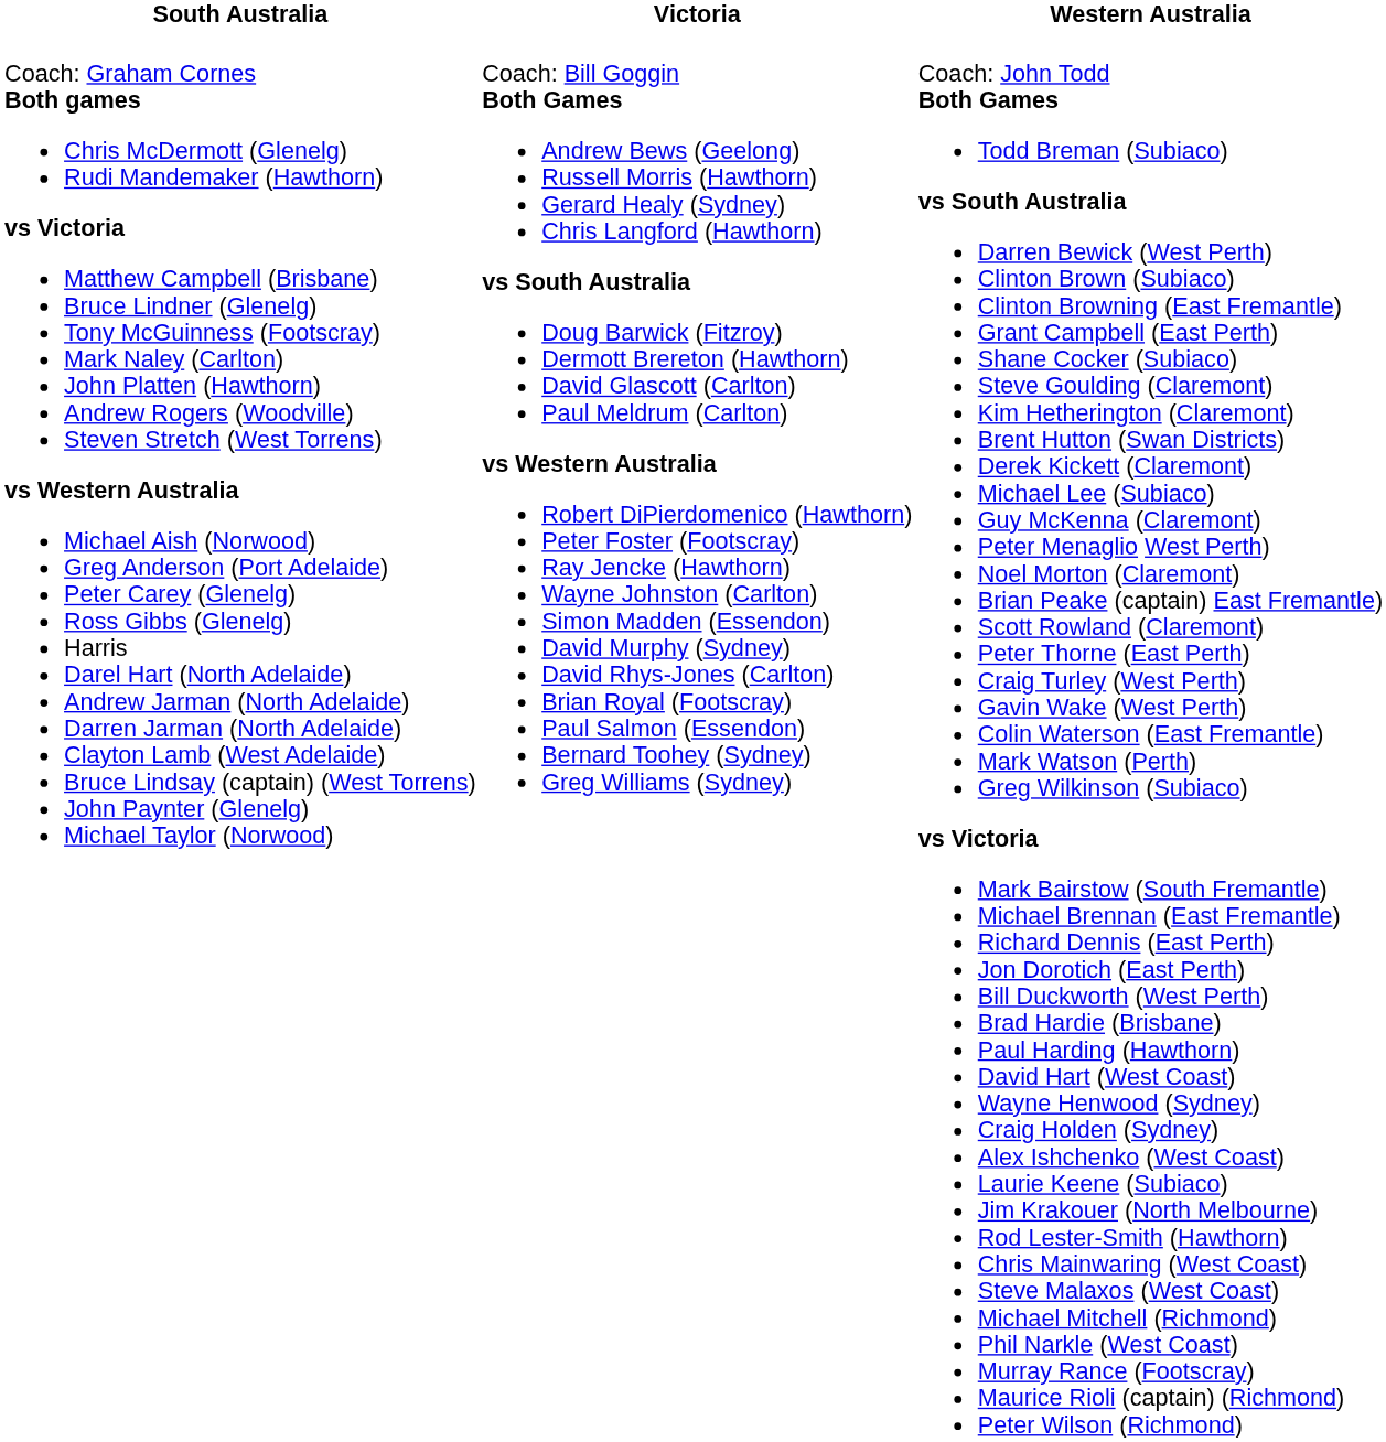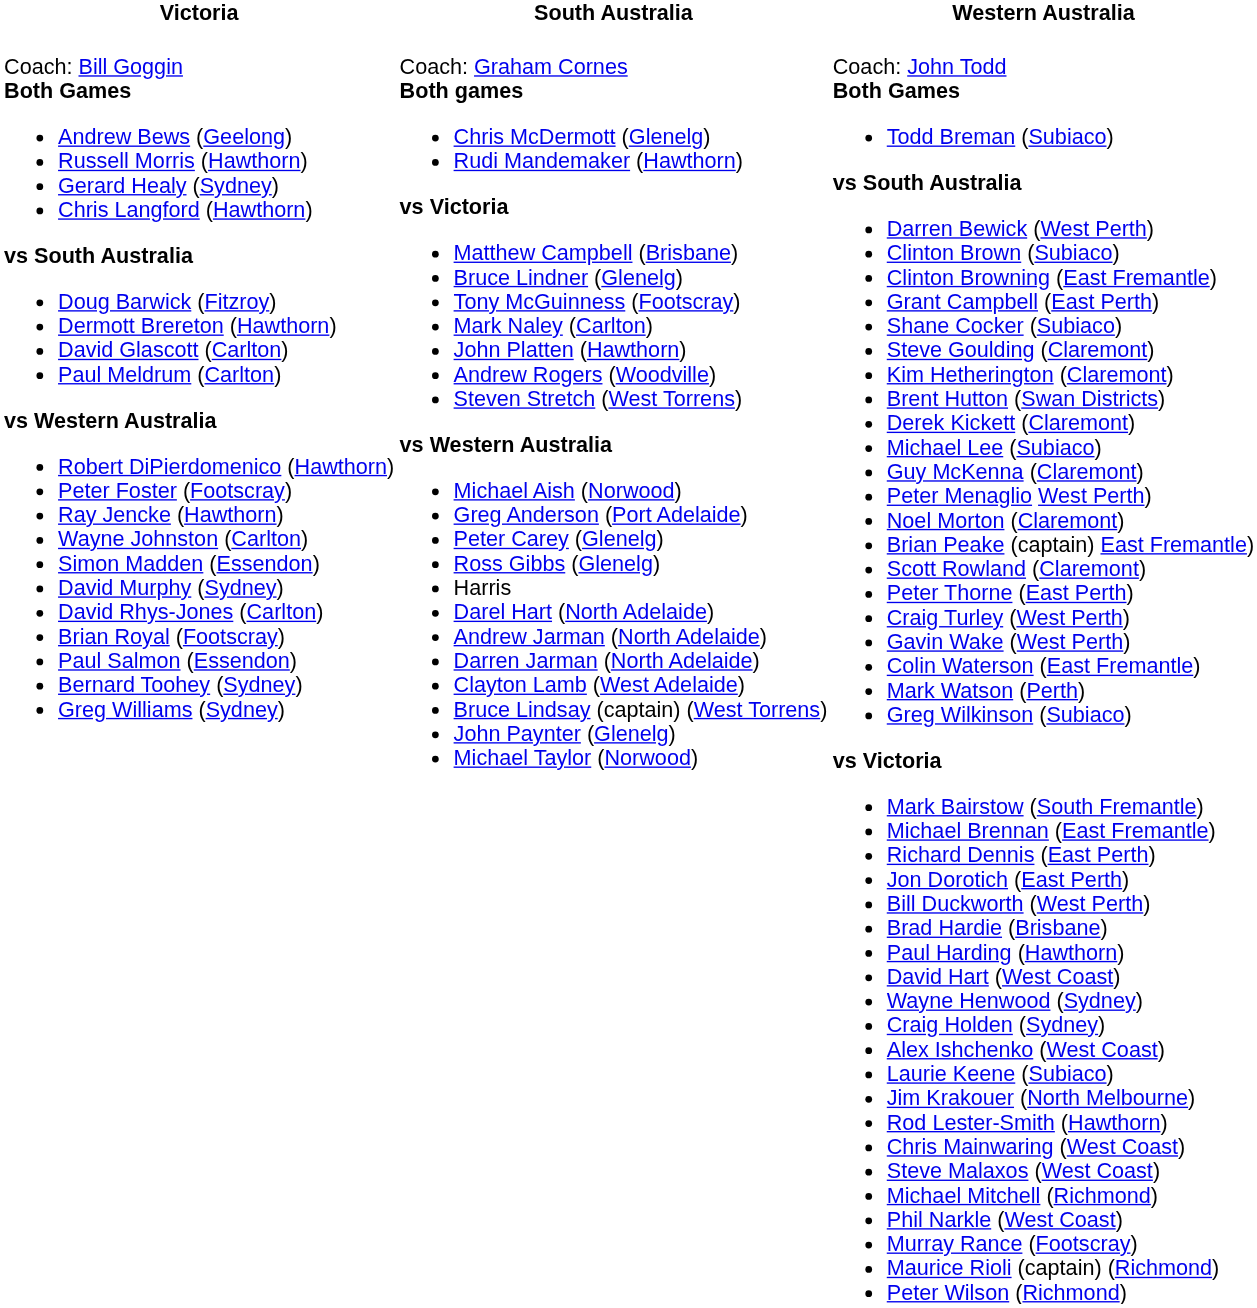 <table>
 <tr>
+<th><span>Victoria </span></th>
 <th><span>South Australia </span></th>
-<th><span>Victoria </span></th>
 <th><span>Western Australia </span></th>
 </tr>
 <tr valign="top">
+<td><br>Coach: <a href='#'>Bill Goggin</a><br>  <strong>Both Games</strong><ul><li><a href='#'>Andrew Bews</a> (<a href='#'>Geelong</a>)</li><li><a href='#'>Russell Morris</a> (<a href='#'>Hawthorn</a>)</li><li><a href='#'>Gerard Healy</a> (<a href='#'>Sydney</a>)</li><li><a href='#'>Chris Langford</a> (<a href='#'>Hawthorn</a>)</li></ul><strong>vs South Australia</strong><ul><li><a href='#'>Doug Barwick</a> (<a href='#'>Fitzroy</a>)</li><li><a href='#'>Dermott Brereton</a> (<a href='#'>Hawthorn</a>)</li><li><a href='#'>David Glascott</a> (<a href='#'>Carlton</a>)</li><li><a href='#'>Paul Meldrum</a> (<a href='#'>Carlton</a>)</li></ul><strong>vs Western Australia</strong><ul><li><a href='#'>Robert DiPierdomenico</a> (<a href='#'>Hawthorn</a>)</li><li><a href='#'>Peter Foster</a> (<a href='#'>Footscray</a>)</li><li><a href='#'>Ray Jencke</a> (<a href='#'>Hawthorn</a>)</li><li><a href='#'>Wayne Johnston</a> (<a href='#'>Carlton</a>)</li><li><a href='#'>Simon Madden</a> (<a href='#'>Essendon</a>)</li><li><a href='#'>David Murphy</a> (<a href='#'>Sydney</a>)</li><li><a href='#'>David Rhys-Jones</a> (<a href='#'>Carlton</a>)</li><li><a href='#'>Brian Royal</a> (<a href='#'>Footscray</a>)</li><li><a href='#'>Paul Salmon</a> (<a href='#'>Essendon</a>)</li><li><a href='#'>Bernard Toohey</a> (<a href='#'>Sydney</a>)</li><li><a href='#'>Greg Williams</a> (<a href='#'>Sydney</a>)</li></ul></td>
 <td><br>Coach: <a href='#'>Graham Cornes</a><br>  <strong>Both games</strong><ul><li><a href='#'>Chris McDermott</a> (<a href='#'>Glenelg</a>)</li><li><a href='#'>Rudi Mandemaker</a> (<a href='#'>Hawthorn</a>)</li></ul><strong>vs Victoria</strong><ul><li><a href='#'>Matthew Campbell</a> (<a href='#'>Brisbane</a>)</li><li><a href='#'>Bruce Lindner</a> (<a href='#'>Glenelg</a>)</li><li><a href='#'>Tony McGuinness</a> (<a href='#'>Footscray</a>)</li><li><a href='#'>Mark Naley</a> (<a href='#'>Carlton</a>)</li><li><a href='#'>John Platten</a> (<a href='#'>Hawthorn</a>)</li><li><a href='#'>Andrew Rogers</a> (<a href='#'>Woodville</a>)</li><li><a href='#'>Steven Stretch</a> (<a href='#'>West Torrens</a>)</li></ul><strong>vs Western Australia</strong><ul><li><a href='#'>Michael Aish</a> (<a href='#'>Norwood</a>)</li><li><a href='#'>Greg Anderson</a> (<a href='#'>Port Adelaide</a>)</li><li><a href='#'>Peter Carey</a> (<a href='#'>Glenelg</a>)</li><li><a href='#'>Ross Gibbs</a> (<a href='#'>Glenelg</a>)</li><li>Harris</li><li><a href='#'>Darel Hart</a> (<a href='#'>North Adelaide</a>)</li><li><a href='#'>Andrew Jarman</a> (<a href='#'>North Adelaide</a>)</li><li><a href='#'>Darren Jarman</a> (<a href='#'>North Adelaide</a>)</li><li><a href='#'>Clayton Lamb</a> (<a href='#'>West Adelaide</a>)</li><li><a href='#'>Bruce Lindsay</a> (captain) (<a href='#'>West Torrens</a>)</li><li><a href='#'>John Paynter</a> (<a href='#'>Glenelg</a>)</li><li><a href='#'>Michael Taylor</a> (<a href='#'>Norwood</a>)</li></ul></td>
-<td><br>Coach: <a href='#'>Bill Goggin</a><br>  <strong>Both Games</strong><ul><li><a href='#'>Andrew Bews</a> (<a href='#'>Geelong</a>)</li><li><a href='#'>Russell Morris</a> (<a href='#'>Hawthorn</a>)</li><li><a href='#'>Gerard Healy</a> (<a href='#'>Sydney</a>)</li><li><a href='#'>Chris Langford</a> (<a href='#'>Hawthorn</a>)</li></ul><strong>vs South Australia</strong><ul><li><a href='#'>Doug Barwick</a> (<a href='#'>Fitzroy</a>)</li><li><a href='#'>Dermott Brereton</a> (<a href='#'>Hawthorn</a>)</li><li><a href='#'>David Glascott</a> (<a href='#'>Carlton</a>)</li><li><a href='#'>Paul Meldrum</a> (<a href='#'>Carlton</a>)</li></ul><strong>vs Western Australia</strong><ul><li><a href='#'>Robert DiPierdomenico</a> (<a href='#'>Hawthorn</a>)</li><li><a href='#'>Peter Foster</a> (<a href='#'>Footscray</a>)</li><li><a href='#'>Ray Jencke</a> (<a href='#'>Hawthorn</a>)</li><li><a href='#'>Wayne Johnston</a> (<a href='#'>Carlton</a>)</li><li><a href='#'>Simon Madden</a> (<a href='#'>Essendon</a>)</li><li><a href='#'>David Murphy</a> (<a href='#'>Sydney</a>)</li><li><a href='#'>David Rhys-Jones</a> (<a href='#'>Carlton</a>)</li><li><a href='#'>Brian Royal</a> (<a href='#'>Footscray</a>)</li><li><a href='#'>Paul Salmon</a> (<a href='#'>Essendon</a>)</li><li><a href='#'>Bernard Toohey</a> (<a href='#'>Sydney</a>)</li><li><a href='#'>Greg Williams</a> (<a href='#'>Sydney</a>)</li></ul></td>
 <td><br>Coach: <a href='#'>John Todd</a><br> <strong>Both Games</strong><ul><li><a href='#'>Todd Breman</a> (<a href='#'>Subiaco</a>)</li></ul><strong>vs South Australia</strong><ul><li><a href='#'>Darren Bewick</a> (<a href='#'>West Perth</a>)</li><li><a href='#'>Clinton Brown</a> (<a href='#'>Subiaco</a>)</li><li><a href='#'>Clinton Browning</a> (<a href='#'>East Fremantle</a>)</li><li><a href='#'>Grant Campbell</a> (<a href='#'>East Perth</a>)</li><li><a href='#'>Shane Cocker</a> (<a href='#'>Subiaco</a>)</li><li><a href='#'>Steve Goulding</a> (<a href='#'>Claremont</a>)</li><li><a href='#'>Kim Hetherington</a> (<a href='#'>Claremont</a>)</li><li><a href='#'>Brent Hutton</a> (<a href='#'>Swan Districts</a>)</li><li><a href='#'>Derek Kickett</a> (<a href='#'>Claremont</a>)</li><li><a href='#'>Michael Lee</a> (<a href='#'>Subiaco</a>)</li><li><a href='#'>Guy McKenna</a> (<a href='#'>Claremont</a>)</li><li><a href='#'>Peter Menaglio</a> <a href='#'>West Perth</a>)</li><li><a href='#'>Noel Morton</a> (<a href='#'>Claremont</a>)</li><li><a href='#'>Brian Peake</a> (captain) <a href='#'>East Fremantle</a>)</li><li><a href='#'>Scott Rowland</a> (<a href='#'>Claremont</a>)</li><li><a href='#'>Peter Thorne</a> (<a href='#'>East Perth</a>)</li><li><a href='#'>Craig Turley</a> (<a href='#'>West Perth</a>)</li><li><a href='#'>Gavin Wake</a> (<a href='#'>West Perth</a>)</li><li><a href='#'>Colin Waterson</a> (<a href='#'>East Fremantle</a>)</li><li><a href='#'>Mark Watson</a> (<a href='#'>Perth</a>)</li><li><a href='#'>Greg Wilkinson</a> (<a href='#'>Subiaco</a>)</li></ul><strong>vs Victoria</strong><ul><li><a href='#'>Mark Bairstow</a> (<a href='#'>South Fremantle</a>)</li><li><a href='#'>Michael Brennan</a> (<a href='#'>East Fremantle</a>)</li><li><a href='#'>Richard Dennis</a> (<a href='#'>East Perth</a>)</li><li><a href='#'>Jon Dorotich</a> (<a href='#'>East Perth</a>)</li><li><a href='#'>Bill Duckworth</a> (<a href='#'>West Perth</a>)</li><li><a href='#'>Brad Hardie</a> (<a href='#'>Brisbane</a>)</li><li><a href='#'>Paul Harding</a> (<a href='#'>Hawthorn</a>)</li><li><a href='#'>David Hart</a> (<a href='#'>West Coast</a>)</li><li><a href='#'>Wayne Henwood</a> (<a href='#'>Sydney</a>)</li><li><a href='#'>Craig Holden</a> (<a href='#'>Sydney</a>)</li><li><a href='#'>Alex Ishchenko</a> (<a href='#'>West Coast</a>)</li><li><a href='#'>Laurie Keene</a> (<a href='#'>Subiaco</a>)</li><li><a href='#'>Jim Krakouer</a> (<a href='#'>North Melbourne</a>)</li><li><a href='#'>Rod Lester-Smith</a> (<a href='#'>Hawthorn</a>)</li><li><a href='#'>Chris Mainwaring</a> (<a href='#'>West Coast</a>)</li><li><a href='#'>Steve Malaxos</a> (<a href='#'>West Coast</a>)</li><li><a href='#'>Michael Mitchell</a> (<a href='#'>Richmond</a>)</li><li><a href='#'>Phil Narkle</a> (<a href='#'>West Coast</a>)</li><li><a href='#'>Murray Rance</a> (<a href='#'>Footscray</a>)</li><li><a href='#'>Maurice Rioli</a> (captain) (<a href='#'>Richmond</a>)</li><li><a href='#'>Peter Wilson</a> (<a href='#'>Richmond</a>)</li></ul></td>
 </tr>
 </table>
